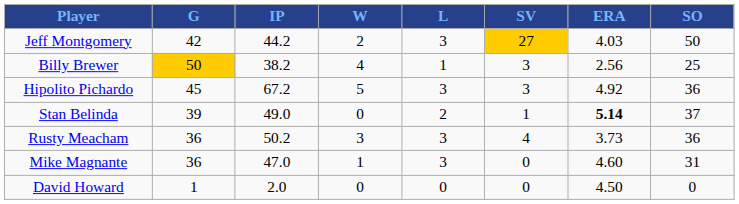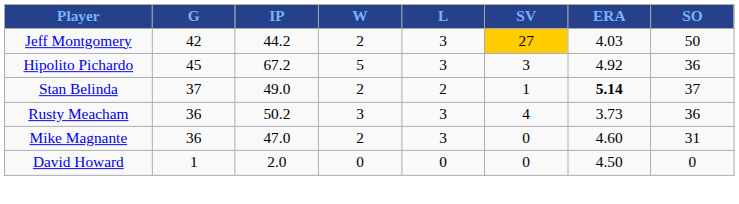 <table class="wikitable sortable">
 <tr>
 <th style="background:#27408B;color:#74B4FA;" width="16%">Player</th>
 <th style="background:#27408B;color:#74B4FA;" width="9%">G</th>
 <th style="background:#27408B;color:#74B4FA;" width="9%">IP</th>
 <th style="background:#27408B;color:#74B4FA;" width="9%">W</th>
 <th style="background:#27408B;color:#74B4FA;" width="9%">L</th>
 <th style="background:#27408B;color:#74B4FA;" width="9%">SV</th>
 <th style="background:#27408B;color:#74B4FA;" width="9%">ERA</th>
 <th style="background:#27408B;color:#74B4FA;" width="9%">SO</th>
 </tr>
 <tr style="text-align: center">
 </tr>
 <tr align=center>
 <td><a href='#'>Jeff Montgomery</a></td>
 <td>42</td>
 <td>44.2</td>
 <td>2</td>
 <td>3</td>
 <td bgcolor="#FFCC00">27</td>
 <td>4.03</td>
 <td>50</td>
 </tr>
 <tr align=center>
-<td><a href='#'>Billy Brewer</a></td>
-<td bgcolor="#FFCC00">50</td>
-<td>38.2</td>
-<td>4</td>
-<td>1</td>
-<td>3</td>
-<td>2.56</td>
-<td>25</td>
-</tr>
-<tr align=center>
 <td><a href='#'>Hipolito Pichardo</a></td>
 <td>45</td>
 <td>67.2</td>
 <td>5</td>
 <td>3</td>
 <td>3</td>
 <td>4.92</td>
 <td>36</td>
 </tr>
 <tr align=center>
 <td><a href='#'>Stan Belinda</a></td>
-<td>39</td>
+<td>37</td>
 <td>49.0</td>
-<td>0</td>
+<td>2</td>
 <td>2</td>
 <td>1</td>
 <td><strong>5.14</strong></td>
 <td>37</td>
 </tr>
 <tr align=center>
 <td><a href='#'>Rusty Meacham</a></td>
 <td>36</td>
 <td>50.2</td>
 <td>3</td>
 <td>3</td>
 <td>4</td>
 <td>3.73</td>
 <td>36</td>
 </tr>
 <tr align=center>
 <td><a href='#'>Mike Magnante</a></td>
 <td>36</td>
 <td>47.0</td>
-<td>1</td>
+<td>2</td>
 <td>3</td>
 <td>0</td>
 <td>4.60</td>
 <td>31</td>
 </tr>
 <tr align=center>
 <td><a href='#'>David Howard</a></td>
 <td>1</td>
 <td>2.0</td>
 <td>0</td>
 <td>0</td>
 <td>0</td>
 <td>4.50</td>
 <td>0</td>
 </tr>
 </table>
